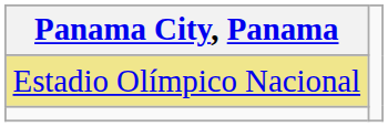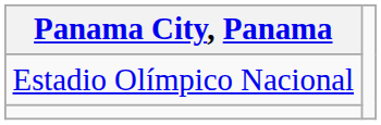 <table class="wikitable" style="text-align:center">
 <tr>
 <th><a href='#'>Panama City</a>, <a href='#'>Panama</a></th>
 <td rowspan=4></td>
 </tr>
 <tr>
-<td style="background: khaki;"><a href='#'>Estadio Olímpico Nacional</a></td>
+<td><a href='#'>Estadio Olímpico Nacional</a></td>
 </tr>
 <tr>
 <td></td>
 </tr>
 </table>
